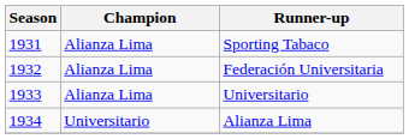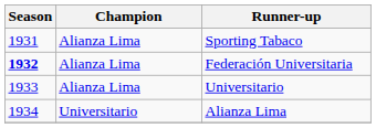 <table class="wikitable sortable">
 <tr>
 <th width="15">Season</th>
 <th width="150">Champion</th>
 <th width="175">Runner-up</th>
 </tr>
 <tr>
 <td><a href='#'>1931</a></td>
 <td><a href='#'>Alianza Lima</a></td>
 <td><a href='#'>Sporting Tabaco</a></td>
 </tr>
 <tr>
-<td><a href='#'>1932</a></td>
+<td><strong><a href='#'>1932</a></strong></td>
 <td><a href='#'>Alianza Lima</a></td>
 <td><a href='#'>Federación Universitaria</a></td>
 </tr>
 <tr>
 <td><a href='#'>1933</a></td>
 <td><a href='#'>Alianza Lima</a></td>
 <td><a href='#'>Universitario</a></td>
 </tr>
 <tr>
 <td><a href='#'>1934</a></td>
 <td><a href='#'>Universitario</a></td>
 <td><a href='#'>Alianza Lima</a></td>
 </tr>
 <tr>
 </tr>
 </table>
